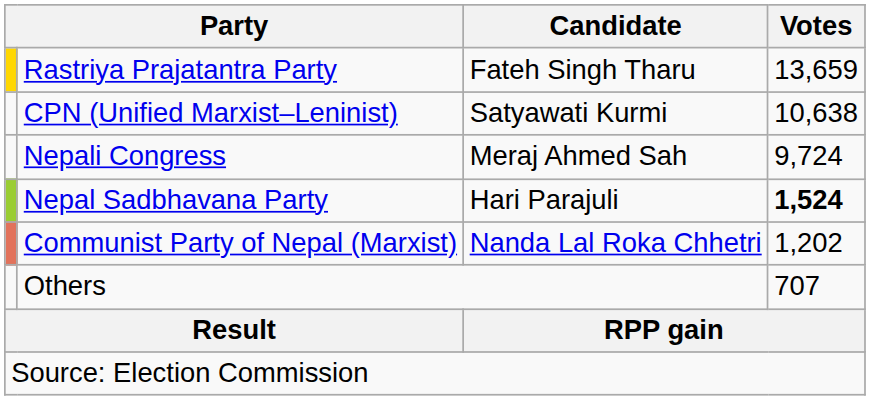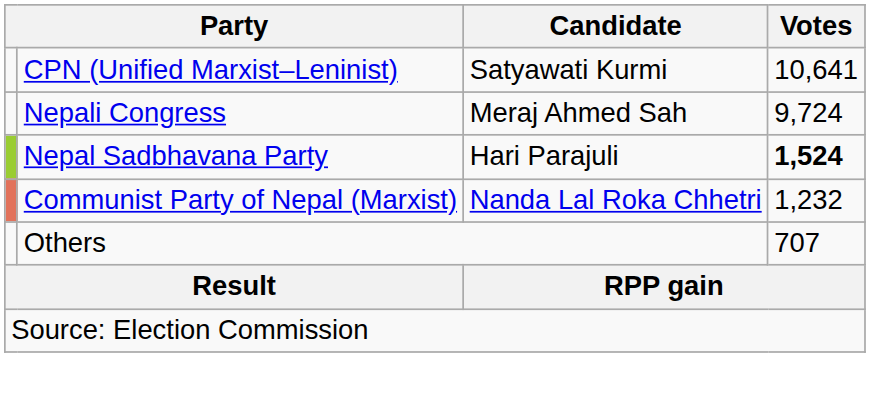 <table class="wikitable">
 <tr>
 <th colspan="2">Party</th>
 <th>Candidate</th>
 <th>Votes</th>
 </tr>
 <tr>
-<td style="background-color:gold"></td>
-<td><a href='#'>Rastriya Prajatantra Party</a></td>
-<td>Fateh Singh Tharu</td>
-<td>13,659</td>
-</tr>
-<tr>
 <td style="background-color:"></td>
 <td><a href='#'>CPN (Unified Marxist–Leninist)</a></td>
 <td>Satyawati Kurmi</td>
-<td>10,638</td>
+<td>10,641</td>
 </tr>
 <tr>
 <td style="background-color:"></td>
 <td><a href='#'>Nepali Congress</a></td>
 <td>Meraj Ahmed Sah</td>
 <td>9,724</td>
 </tr>
 <tr>
 <td style="background-color:yellowgreen"></td>
 <td><a href='#'>Nepal Sadbhavana Party</a></td>
 <td>Hari Parajuli</td>
 <td><strong>1,524</strong></td>
 </tr>
 <tr>
 <td style="background-color:#E2725B"></td>
 <td><a href='#'>Communist Party of Nepal (Marxist)</a></td>
 <td><a href='#'>Nanda Lal Roka Chhetri</a></td>
-<td>1,202</td>
+<td>1,232</td>
 </tr>
 <tr>
 <td></td>
 <td colspan="2">Others</td>
 <td>707</td>
 </tr>
 <tr>
 <th colspan="2">Result</th>
 <th colspan="2">RPP gain</th>
 </tr>
 <tr>
 <td colspan="4">Source: Election Commission</td>
 </tr>
 </table>
